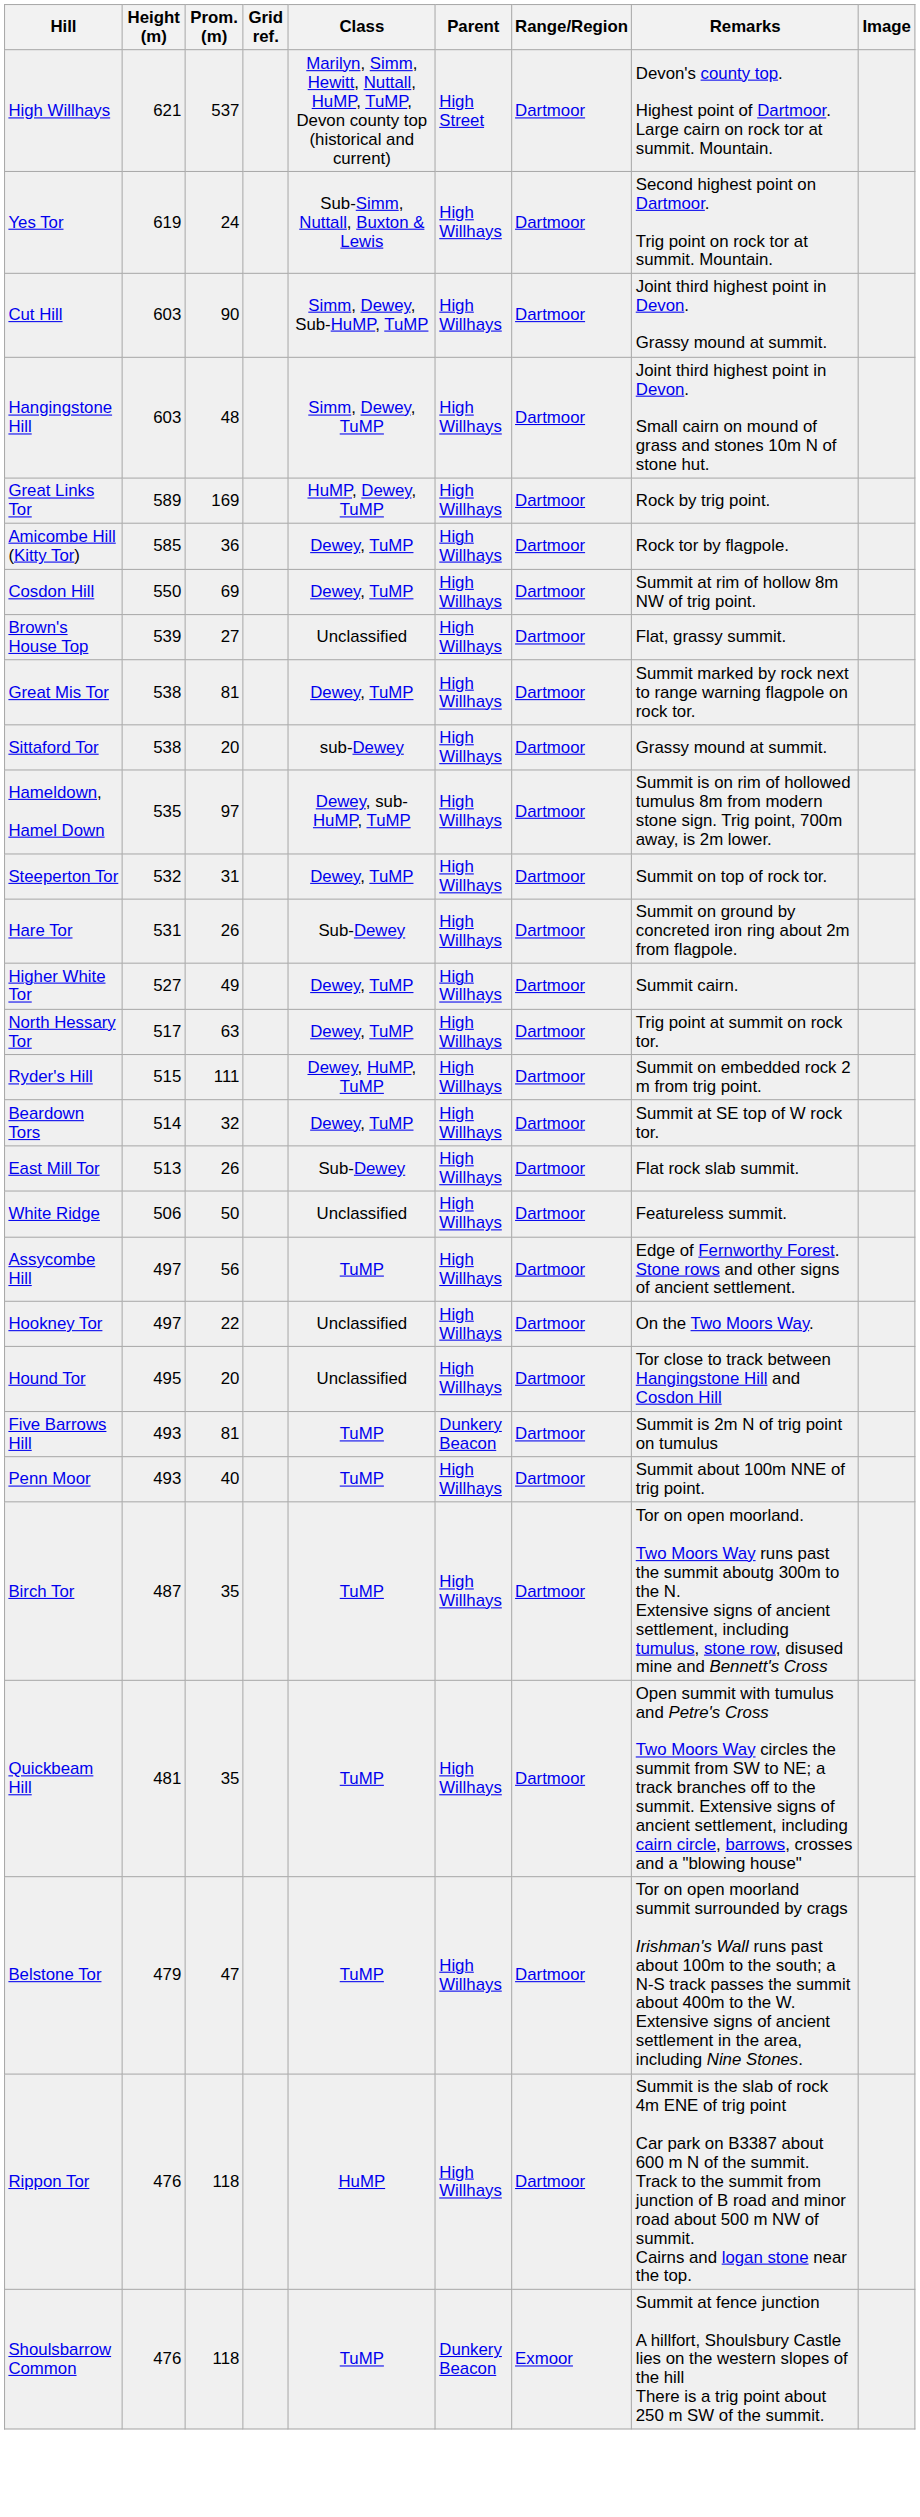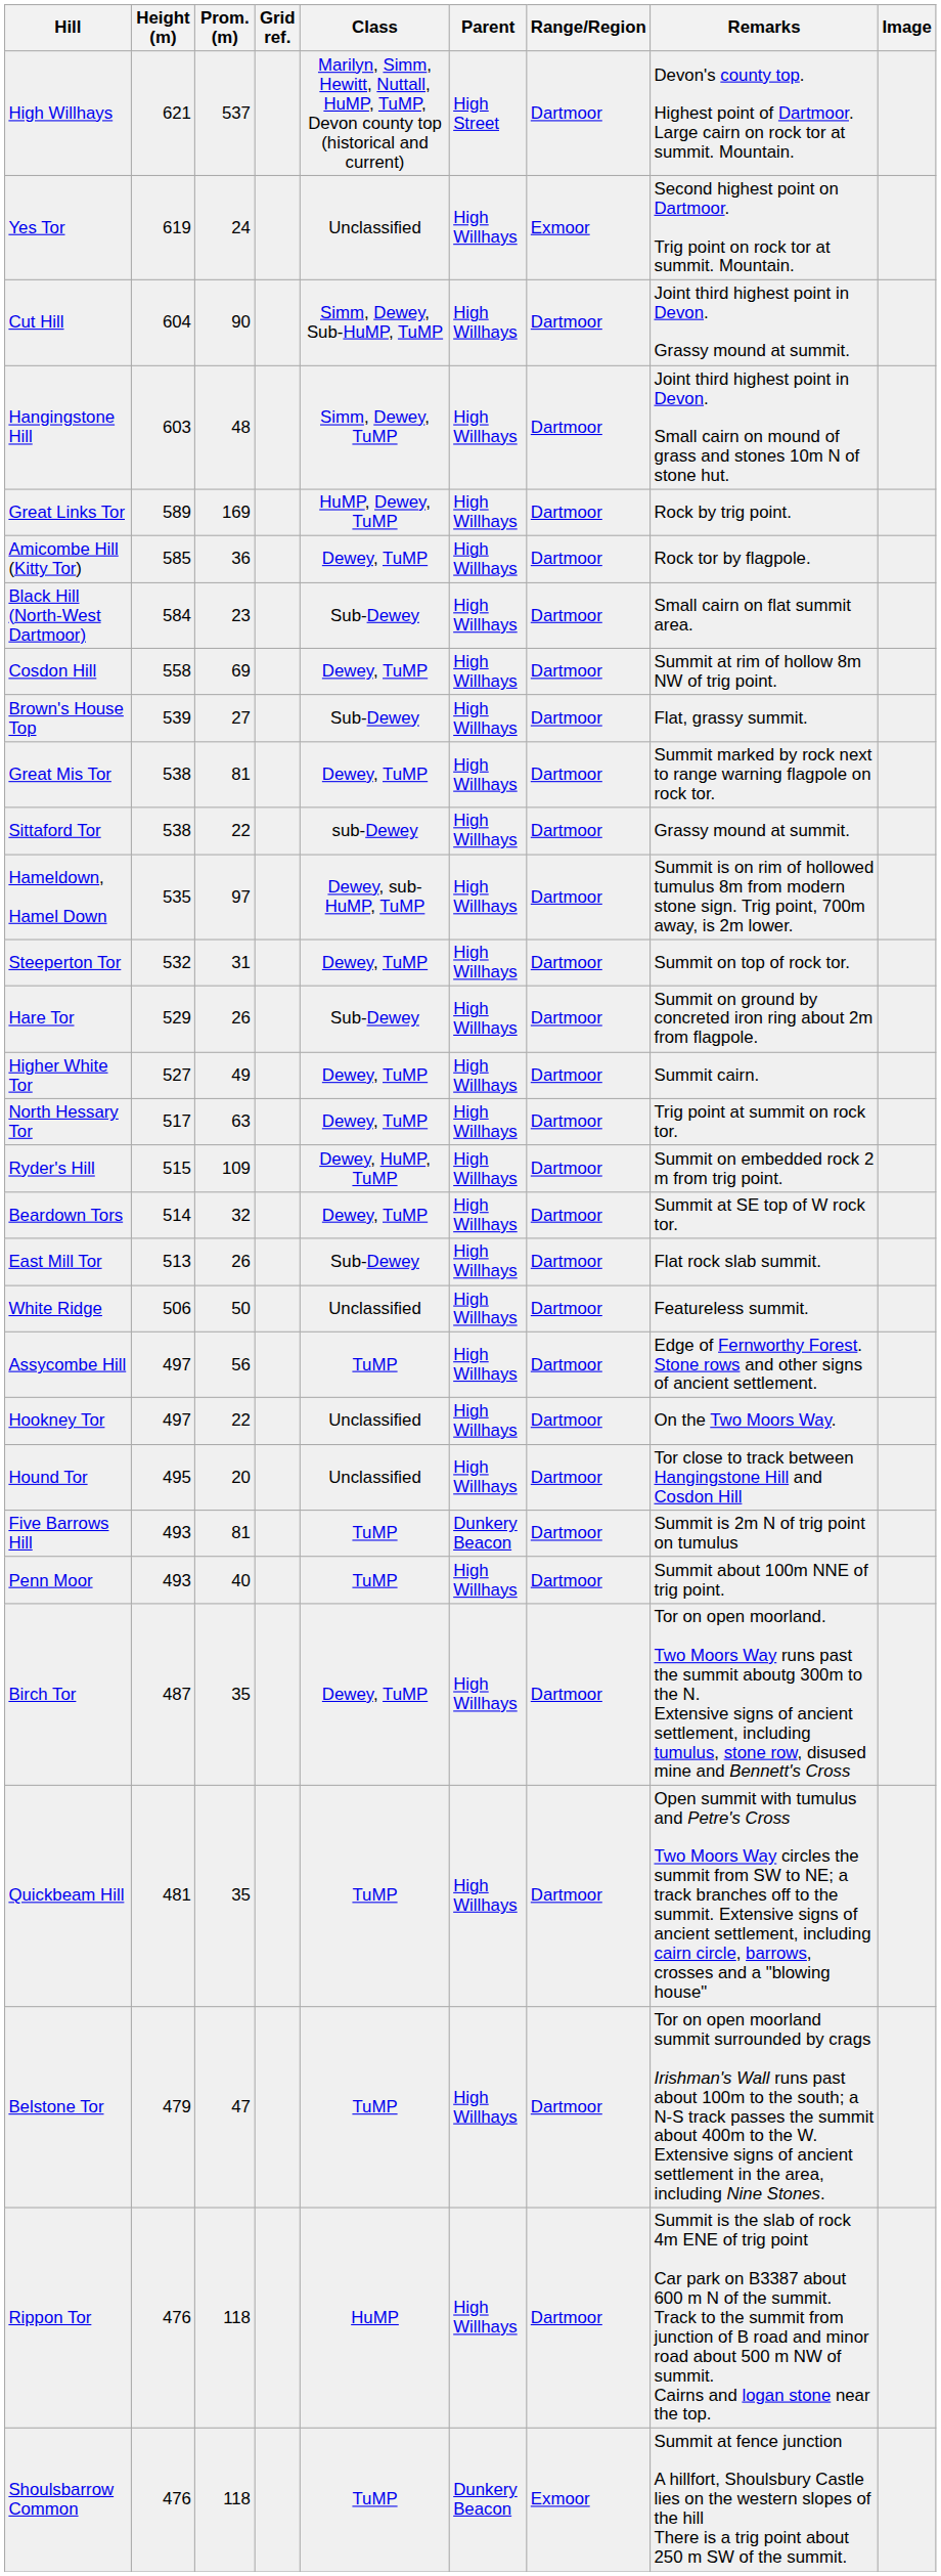 <table class="wikitable sortable" style="border-collapse: collapse; background:#f0f0f0;":#f0f0f0;">
 <tr>
 <th>Hill</th>
 <th>Height (m)</th>
 <th>Prom. (m)</th>
 <th>Grid ref.</th>
 <th>Class</th>
 <th>Parent</th>
 <th>Range/Region</th>
 <th class="unsortable">Remarks</th>
 <th class="unsortable">Image</th>
 </tr>
 <tr>
 <td><a href='#'>High Willhays</a></td>
 <td align=right>621</td>
 <td align=right>537</td>
 <td></td>
 <td align=center><a href='#'>Marilyn</a>, <a href='#'>Simm</a>, <a href='#'>Hewitt</a>, <a href='#'>Nuttall</a>, <a href='#'>HuMP</a>, <a href='#'>TuMP</a>, Devon county top (historical and current)</td>
 <td><a href='#'>High Street</a></td>
 <td><a href='#'>Dartmoor</a></td>
 <td>Devon's <a href='#'>county top</a>.<br><br>Highest point of <a href='#'>Dartmoor</a>.<br> Large cairn on rock tor at summit. Mountain.</td>
 <td></td>
 </tr>
 <tr>
 <td><a href='#'>Yes Tor</a></td>
 <td align=right>619</td>
 <td align=right>24</td>
 <td></td>
-<td align=center>Sub-<a href='#'>Simm</a>, <a href='#'>Nuttall</a>, <a href='#'>Buxton & Lewis</a></td>
+<td align=center>Unclassified</td>
 <td><a href='#'>High Willhays</a></td>
-<td><a href='#'>Dartmoor</a></td>
+<td><a href='#'>Exmoor</a></td>
 <td>Second highest point on <a href='#'>Dartmoor</a>.<br><br>Trig point on rock tor at summit. Mountain.</td>
 <td></td>
 </tr>
 <tr>
 <td><a href='#'>Cut Hill</a></td>
-<td align=right>603</td>
+<td align=right>604</td>
 <td align=right>90</td>
 <td></td>
 <td align=center><a href='#'>Simm</a>, <a href='#'>Dewey</a>, Sub-<a href='#'>HuMP</a>, <a href='#'>TuMP</a></td>
 <td><a href='#'>High Willhays</a></td>
 <td><a href='#'>Dartmoor</a></td>
 <td>Joint third highest point in <a href='#'>Devon</a>.<br><br>Grassy mound at summit.</td>
 <td></td>
 </tr>
 <tr>
 <td><a href='#'>Hangingstone Hill</a></td>
 <td align=right>603</td>
 <td align=right>48</td>
 <td></td>
 <td align=center><a href='#'>Simm</a>, <a href='#'>Dewey</a>, <a href='#'>TuMP</a></td>
 <td><a href='#'>High Willhays</a></td>
 <td><a href='#'>Dartmoor</a></td>
 <td>Joint third highest point in <a href='#'>Devon</a>.<br><br>Small cairn on mound of grass and stones 10m N of stone hut.</td>
 <td></td>
 </tr>
 <tr>
 <td><a href='#'>Great Links Tor</a></td>
 <td align=right>589</td>
 <td align=right>169</td>
 <td></td>
 <td align=center><a href='#'>HuMP</a>, <a href='#'>Dewey</a>, <a href='#'>TuMP</a></td>
 <td><a href='#'>High Willhays</a></td>
 <td><a href='#'>Dartmoor</a></td>
 <td>Rock by trig point.</td>
 <td></td>
 </tr>
 <tr>
 <td><a href='#'>Amicombe Hill</a><br>(<a href='#'>Kitty Tor</a>)</td>
 <td align=right>585</td>
 <td align=right>36</td>
 <td></td>
 <td align=center><a href='#'>Dewey</a>, <a href='#'>TuMP</a></td>
 <td><a href='#'>High Willhays</a></td>
 <td><a href='#'>Dartmoor</a></td>
 <td>Rock tor by flagpole.</td>
 <td></td>
 </tr>
 <tr>
+<td><a href='#'>Black Hill (North-West Dartmoor)</a></td>
+<td align=right>584</td>
+<td align=right>23</td>
+<td></td>
+<td align=center>Sub-<a href='#'>Dewey</a></td>
+<td><a href='#'>High Willhays</a></td>
+<td><a href='#'>Dartmoor</a></td>
+<td>Small cairn on flat summit area.</td>
+<td></td>
+</tr>
+<tr>
 <td><a href='#'>Cosdon Hill</a></td>
-<td align=right>550</td>
+<td align=right>558</td>
 <td align=right>69</td>
 <td></td>
 <td align=center><a href='#'>Dewey</a>, <a href='#'>TuMP</a></td>
 <td><a href='#'>High Willhays</a></td>
 <td><a href='#'>Dartmoor</a></td>
 <td>Summit at rim of hollow 8m NW of trig point.</td>
 <td></td>
 </tr>
 <tr>
 <td><a href='#'>Brown's House Top</a></td>
 <td align=right>539</td>
 <td align=right>27</td>
 <td></td>
-<td align=center>Unclassified</td>
+<td align=center>Sub-<a href='#'>Dewey</a></td>
 <td><a href='#'>High Willhays</a></td>
 <td><a href='#'>Dartmoor</a></td>
 <td>Flat, grassy summit.</td>
 <td></td>
 </tr>
 <tr>
 <td><a href='#'>Great Mis Tor</a></td>
 <td align=right>538</td>
 <td align=right>81</td>
 <td></td>
 <td align=center><a href='#'>Dewey</a>, <a href='#'>TuMP</a></td>
 <td><a href='#'>High Willhays</a></td>
 <td><a href='#'>Dartmoor</a></td>
 <td>Summit marked by rock next to range warning flagpole on rock tor.</td>
 <td></td>
 </tr>
 <tr>
 <td><a href='#'>Sittaford Tor</a></td>
 <td align=right>538</td>
-<td align=right>20</td>
+<td align=right>22</td>
 <td></td>
 <td align=center>sub-<a href='#'>Dewey</a></td>
 <td><a href='#'>High Willhays</a></td>
 <td><a href='#'>Dartmoor</a></td>
 <td>Grassy mound at summit.</td>
 <td></td>
 </tr>
 <tr>
 <td><a href='#'>Hameldown</a>,<br><br><a href='#'>Hamel Down</a></td>
 <td align=right>535</td>
 <td align=right>97</td>
 <td></td>
 <td align=center><a href='#'>Dewey</a>, sub-<a href='#'>HuMP</a>, <a href='#'>TuMP</a></td>
 <td><a href='#'>High Willhays</a></td>
 <td><a href='#'>Dartmoor</a></td>
 <td>Summit is on rim of hollowed tumulus 8m from modern stone sign. Trig point, 700m away, is 2m lower.</td>
 <td></td>
 </tr>
 <tr>
 <td><a href='#'>Steeperton Tor</a></td>
 <td align=right>532</td>
 <td align=right>31</td>
 <td></td>
 <td align=center><a href='#'>Dewey</a>, <a href='#'>TuMP</a></td>
 <td><a href='#'>High Willhays</a></td>
 <td><a href='#'>Dartmoor</a></td>
 <td>Summit on top of rock tor.</td>
 <td></td>
 </tr>
 <tr>
 <td><a href='#'>Hare Tor</a></td>
-<td align=right>531</td>
+<td align=right>529</td>
 <td align=right>26</td>
 <td></td>
 <td align=center>Sub-<a href='#'>Dewey</a></td>
 <td><a href='#'>High Willhays</a></td>
 <td><a href='#'>Dartmoor</a></td>
 <td>Summit on ground by concreted iron ring about 2m from flagpole.</td>
 <td></td>
 </tr>
 <tr>
 <td><a href='#'>Higher White Tor</a></td>
 <td align=right>527</td>
 <td align=right>49</td>
 <td></td>
 <td align=center><a href='#'>Dewey</a>, <a href='#'>TuMP</a></td>
 <td><a href='#'>High Willhays</a></td>
 <td><a href='#'>Dartmoor</a></td>
 <td>Summit cairn.</td>
 <td></td>
 </tr>
 <tr>
 <td><a href='#'>North Hessary Tor</a></td>
 <td align=right>517</td>
 <td align=right>63</td>
 <td></td>
 <td align=center><a href='#'>Dewey</a>, <a href='#'>TuMP</a></td>
 <td><a href='#'>High Willhays</a></td>
 <td><a href='#'>Dartmoor</a></td>
 <td>Trig point at summit on rock tor.</td>
 <td></td>
 </tr>
 <tr>
 <td><a href='#'>Ryder's Hill</a></td>
 <td align=right>515</td>
-<td align=right>111</td>
+<td align=right>109</td>
 <td></td>
 <td align=center><a href='#'>Dewey</a>, <a href='#'>HuMP</a>, <a href='#'>TuMP</a></td>
 <td><a href='#'>High Willhays</a></td>
 <td><a href='#'>Dartmoor</a></td>
 <td>Summit on embedded rock 2 m from trig point.</td>
 <td></td>
 </tr>
 <tr>
 <td><a href='#'>Beardown Tors</a></td>
 <td align=right>514</td>
 <td align=right>32</td>
 <td></td>
 <td align=center><a href='#'>Dewey</a>, <a href='#'>TuMP</a></td>
 <td><a href='#'>High Willhays</a></td>
 <td><a href='#'>Dartmoor</a></td>
 <td>Summit at SE top of W rock tor.</td>
 <td></td>
 </tr>
 <tr>
 <td><a href='#'>East Mill Tor</a></td>
 <td align=right>513</td>
 <td align=right>26</td>
 <td></td>
 <td align=center>Sub-<a href='#'>Dewey</a></td>
 <td><a href='#'>High Willhays</a></td>
 <td><a href='#'>Dartmoor</a></td>
 <td>Flat rock slab summit.</td>
 <td></td>
 </tr>
 <tr>
 <td><a href='#'>White Ridge</a></td>
 <td align=right>506</td>
 <td align=right>50</td>
 <td></td>
 <td align=center>Unclassified</td>
 <td><a href='#'>High Willhays</a></td>
 <td><a href='#'>Dartmoor</a></td>
 <td>Featureless summit.</td>
 <td></td>
 </tr>
 <tr>
 <td><a href='#'>Assycombe Hill</a></td>
 <td align=right>497</td>
 <td align=right>56</td>
 <td></td>
 <td align=center><a href='#'>TuMP</a></td>
 <td><a href='#'>High Willhays</a></td>
 <td><a href='#'>Dartmoor</a></td>
 <td>Edge of <a href='#'>Fernworthy Forest</a>. <a href='#'>Stone rows</a> and other signs of ancient settlement.</td>
 <td></td>
 </tr>
 <tr>
 <td><a href='#'>Hookney Tor</a></td>
 <td align=right>497</td>
 <td align=right>22</td>
 <td></td>
 <td align=center>Unclassified</td>
 <td><a href='#'>High Willhays</a></td>
 <td><a href='#'>Dartmoor</a></td>
 <td>On the <a href='#'>Two Moors Way</a>.</td>
 <td></td>
 </tr>
 <tr>
 <td><a href='#'>Hound Tor</a></td>
 <td align=right>495</td>
 <td align=right>20</td>
 <td></td>
 <td align=center>Unclassified</td>
 <td><a href='#'>High Willhays</a></td>
 <td><a href='#'>Dartmoor</a></td>
 <td>Tor close to track between <a href='#'>Hangingstone Hill</a> and <a href='#'>Cosdon Hill</a></td>
 <td></td>
 </tr>
 <tr>
 <td><a href='#'>Five Barrows Hill</a></td>
 <td align=right>493</td>
 <td align=right>81</td>
 <td></td>
 <td align=center><a href='#'>TuMP</a></td>
 <td><a href='#'>Dunkery Beacon</a></td>
 <td><a href='#'>Dartmoor</a></td>
 <td>Summit is 2m N of trig point on tumulus</td>
 <td></td>
 </tr>
 <tr>
 <td><a href='#'>Penn Moor</a></td>
 <td align=right>493</td>
 <td align=right>40</td>
 <td></td>
 <td align=center><a href='#'>TuMP</a></td>
 <td><a href='#'>High Willhays</a></td>
 <td><a href='#'>Dartmoor</a></td>
 <td>Summit about 100m NNE of trig point.</td>
 <td></td>
 </tr>
 <tr>
 <td><a href='#'>Birch Tor</a></td>
 <td align=right>487</td>
 <td align=right>35</td>
 <td></td>
-<td align=center><a href='#'>TuMP</a></td>
+<td align=center><a href='#'>Dewey</a>, <a href='#'>TuMP</a></td>
 <td><a href='#'>High Willhays</a></td>
 <td><a href='#'>Dartmoor</a></td>
 <td>Tor on open moorland.<br><br><a href='#'>Two Moors Way</a> runs past the summit aboutg 300m to the N.<br> Extensive signs of ancient settlement, including <a href='#'>tumulus</a>, <a href='#'>stone row</a>, disused mine and <em>Bennett's Cross</em></td>
 <td></td>
 </tr>
 <tr>
 <td><a href='#'>Quickbeam Hill</a></td>
 <td align=right>481</td>
 <td align=right>35</td>
 <td></td>
 <td align=center><a href='#'>TuMP</a></td>
 <td><a href='#'>High Willhays</a></td>
 <td><a href='#'>Dartmoor</a></td>
 <td>Open summit with tumulus and <em>Petre's Cross</em><br><br><a href='#'>Two Moors Way</a> circles the summit from SW to NE; a track branches off to the summit. Extensive signs of ancient settlement, including <a href='#'>cairn circle</a>, <a href='#'>barrows</a>, crosses and a "blowing house"</td>
 <td></td>
 </tr>
 <tr>
 <td><a href='#'>Belstone Tor</a></td>
 <td align=right>479</td>
 <td align=right>47</td>
 <td></td>
 <td align=center><a href='#'>TuMP</a></td>
 <td><a href='#'>High Willhays</a></td>
 <td><a href='#'>Dartmoor</a></td>
 <td>Tor on open moorland summit surrounded by crags<br><br><em>Irishman's Wall</em> runs past about 100m to the south; a N-S track passes the summit about 400m to the W.<br> Extensive signs of ancient settlement in the area, including <em>Nine Stones</em>.</td>
 <td></td>
 </tr>
 <tr>
 <td><a href='#'>Rippon Tor</a></td>
 <td align=right>476</td>
 <td align=right>118</td>
 <td></td>
 <td align=center><a href='#'>HuMP</a></td>
 <td><a href='#'>High Willhays</a></td>
 <td><a href='#'>Dartmoor</a></td>
 <td>Summit is the slab of rock 4m ENE of trig point<br><br>Car park on B3387 about 600 m N of the summit.<br>Track to the summit from junction of B road and minor road about 500 m NW of summit.<br> Cairns and <a href='#'>logan stone</a> near the top.</td>
 <td></td>
 </tr>
 <tr>
 <td><a href='#'>Shoulsbarrow Common</a></td>
 <td align=right>476</td>
 <td align=right>118</td>
 <td></td>
 <td align=center><a href='#'>TuMP</a></td>
 <td><a href='#'>Dunkery Beacon</a></td>
 <td><a href='#'>Exmoor</a></td>
 <td>Summit at fence junction<br><br>A hillfort, Shoulsbury Castle lies on the western slopes of the hill<br>There is a trig point about 250 m SW of the summit.</td>
 <td></td>
 </tr>
 </table>
